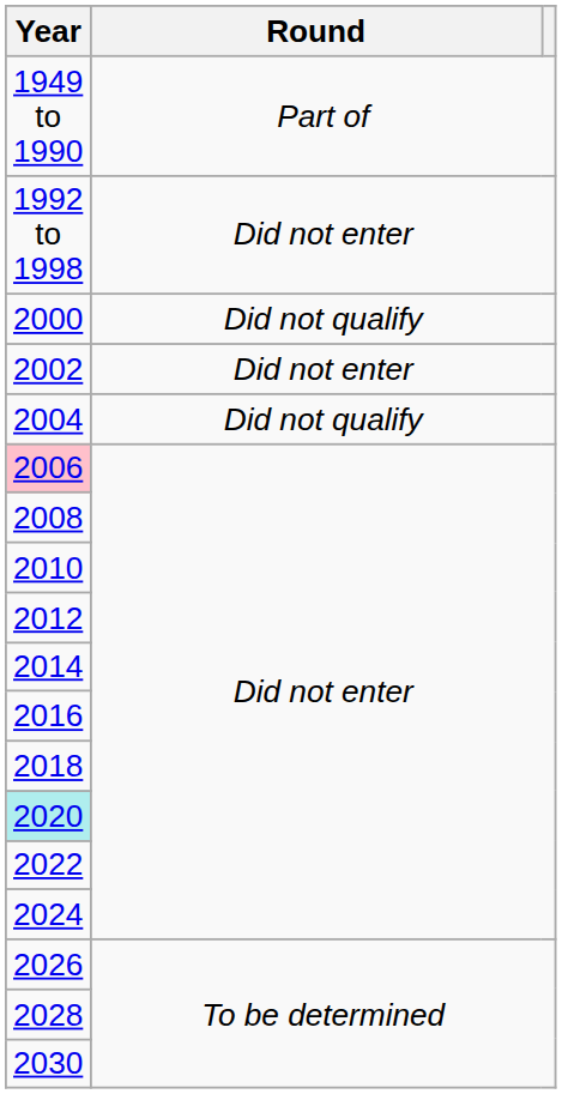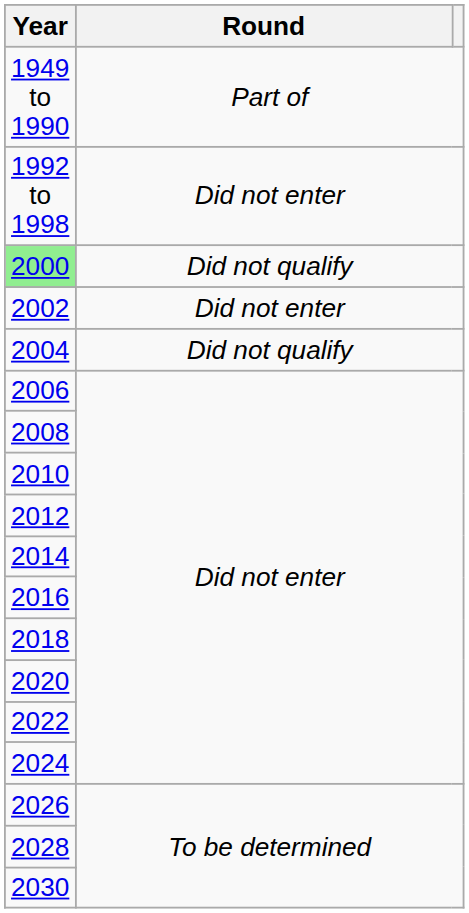 <table class="wikitable" style="text-align: center; font-size:90%">
 <tr>
 <th>Year</th>
 <th style="width:200px">Round</th>
 <th></th>
 </tr>
 <tr>
 <td><a href='#'>1949</a><br>to<br><a href='#'>1990</a></td>
 <td colspan="2"><em>Part of </em></td>
 </tr>
 <tr>
 <td><a href='#'>1992</a><br>to<br><a href='#'>1998</a></td>
 <td colspan="2"><em>Did not enter</em></td>
 </tr>
 <tr>
-<td><a href='#'>2000</a></td>
+<td style="background: lightgreen;"><a href='#'>2000</a></td>
 <td colspan="2"><em>Did not qualify</em></td>
 </tr>
 <tr>
 <td><a href='#'>2002</a></td>
 <td colspan="2"><em>Did not enter</em></td>
 </tr>
 <tr>
 <td><a href='#'>2004</a></td>
 <td colspan="2"><em>Did not qualify</em></td>
 </tr>
 <tr>
-<td style="background: pink;"><a href='#'>2006</a></td>
+<td><a href='#'>2006</a></td>
 <td colspan="2" rowspan="10"><em>Did not enter</em></td>
 </tr>
 <tr>
 <td><a href='#'>2008</a></td>
 </tr>
 <tr>
 <td><a href='#'>2010</a></td>
 </tr>
 <tr>
 <td><a href='#'>2012</a></td>
 </tr>
 <tr>
 <td><a href='#'>2014</a></td>
 </tr>
 <tr>
 <td><a href='#'>2016</a></td>
 </tr>
 <tr>
 <td><a href='#'>2018</a></td>
 </tr>
 <tr>
-<td style="background: paleturquoise;"><a href='#'>2020</a></td>
+<td><a href='#'>2020</a></td>
 </tr>
 <tr>
 <td><a href='#'>2022</a></td>
 </tr>
 <tr>
 <td><a href='#'>2024</a></td>
 </tr>
 <tr>
 <td><a href='#'>2026</a></td>
 <td colspan="2" rowspan="3"><em>To be determined</em></td>
 </tr>
 <tr>
 <td><a href='#'>2028</a></td>
 </tr>
 <tr>
 <td><a href='#'>2030</a></td>
 </tr>
 </table>
